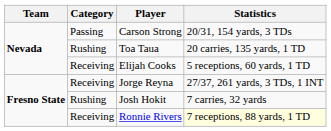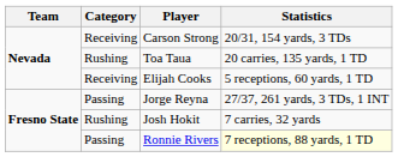 <table class="wikitable" style="float: left;">
 <tr>
 <th>Team</th>
 <th>Category</th>
 <th>Player</th>
 <th>Statistics</th>
 </tr>
 <tr>
 <td rowspan=3><strong>Nevada</strong></td>
-<td>Passing</td>
+<td>Receiving</td>
 <td>Carson Strong</td>
 <td>20/31, 154 yards, 3 TDs</td>
 </tr>
 <tr>
 <td>Rushing</td>
 <td>Toa Taua</td>
 <td>20 carries, 135 yards, 1 TD</td>
 </tr>
 <tr>
 <td>Receiving</td>
 <td>Elijah Cooks</td>
 <td>5 receptions, 60 yards, 1 TD</td>
 </tr>
 <tr>
 <td rowspan=3><strong>Fresno State</strong></td>
-<td>Receiving</td>
+<td>Passing</td>
 <td>Jorge Reyna</td>
 <td>27/37, 261 yards, 3 TDs, 1 INT</td>
 </tr>
 <tr>
 <td>Rushing</td>
 <td>Josh Hokit</td>
 <td>7 carries, 32 yards</td>
 </tr>
 <tr>
-<td>Receiving</td>
+<td>Passing</td>
 <td><a href='#'>Ronnie Rivers</a></td>
 <td style="background: lightyellow;">7 receptions, 88 yards, 1 TD</td>
 </tr>
 </table>
